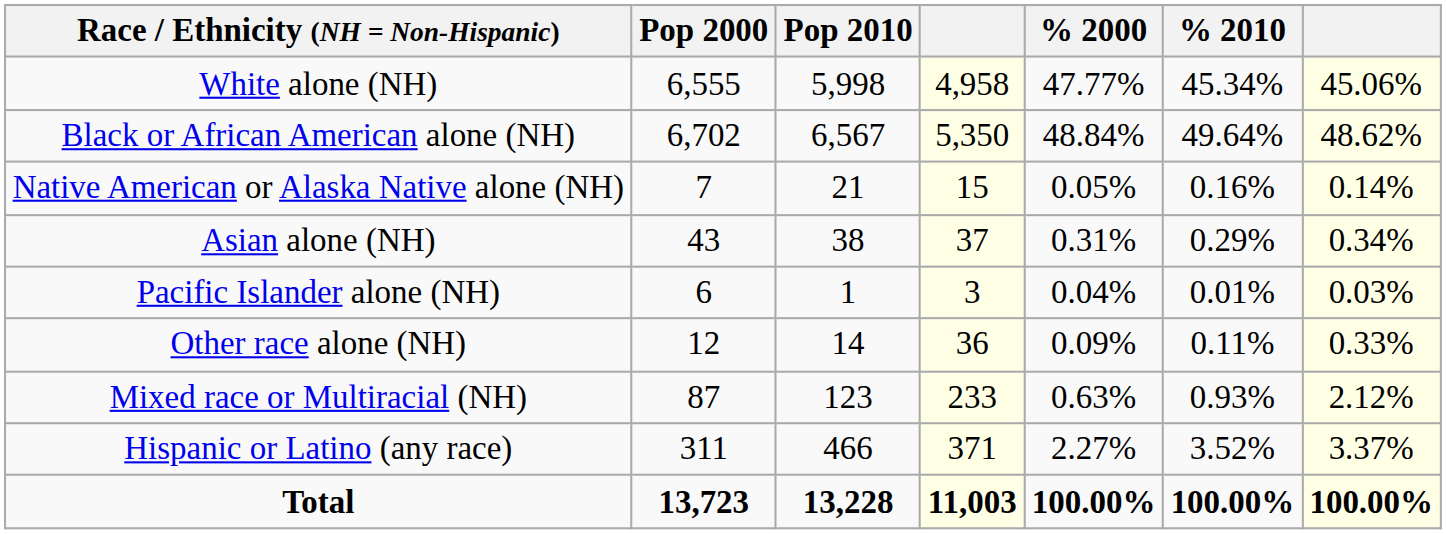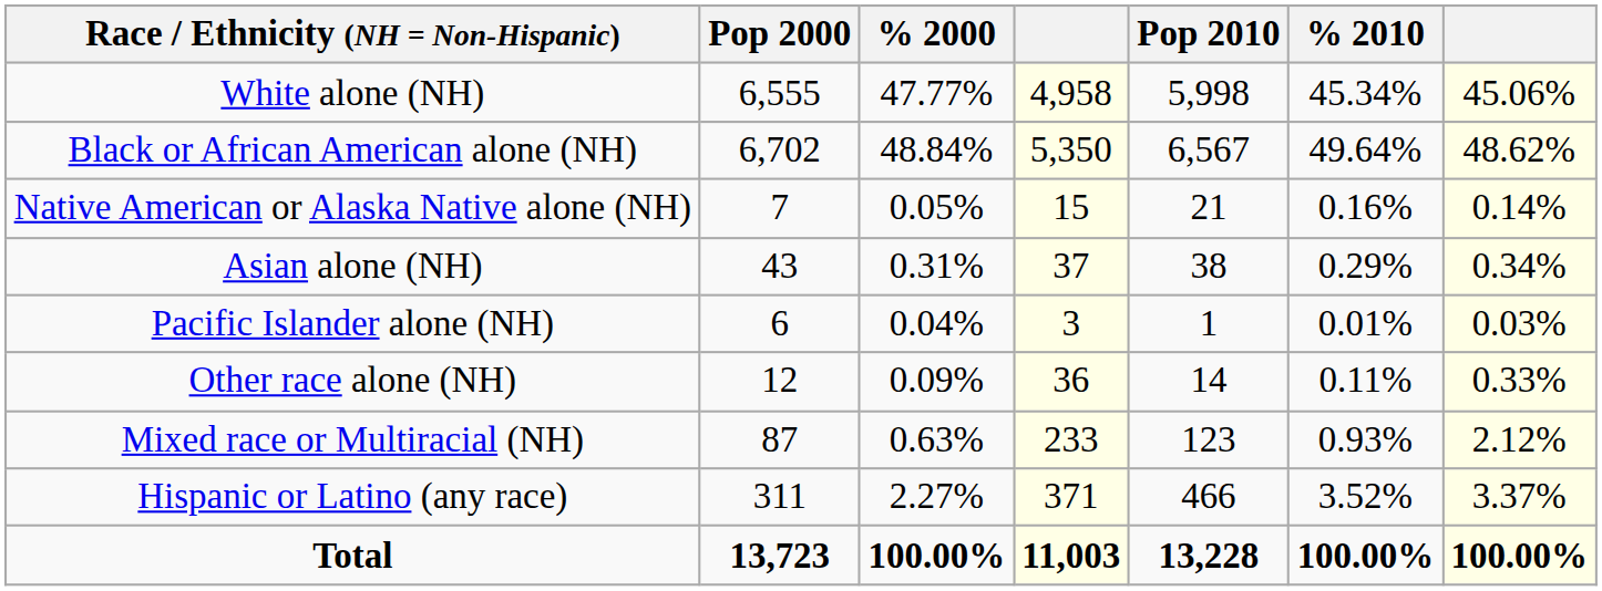 <table class="wikitable" style="text-align:center;">
 <tr>
 <th>Race / Ethnicity <small>(<em>NH = Non-Hispanic</em>)</small></th>
 <th>Pop 2000</th>
+<th>% 2000</th>
+<th></th>
 <th>Pop 2010</th>
-<th></th>
-<th>% 2000</th>
 <th>% 2010</th>
 <th></th>
 </tr>
 <tr>
 <td><a href='#'>White</a> alone (NH)</td>
 <td>6,555</td>
+<td>47.77%</td>
+<td style='background: #ffffe6;'>4,958</td>
 <td>5,998</td>
-<td style='background: #ffffe6;'>4,958</td>
-<td>47.77%</td>
 <td>45.34%</td>
 <td style='background: #ffffe6;'>45.06%</td>
 </tr>
 <tr>
 <td><a href='#'>Black or African American</a> alone (NH)</td>
 <td>6,702</td>
+<td>48.84%</td>
+<td style='background: #ffffe6;'>5,350</td>
 <td>6,567</td>
-<td style='background: #ffffe6;'>5,350</td>
-<td>48.84%</td>
 <td>49.64%</td>
 <td style='background: #ffffe6;'>48.62%</td>
 </tr>
 <tr>
 <td><a href='#'>Native American</a> or <a href='#'>Alaska Native</a> alone (NH)</td>
 <td>7</td>
+<td>0.05%</td>
+<td style='background: #ffffe6;'>15</td>
 <td>21</td>
-<td style='background: #ffffe6;'>15</td>
-<td>0.05%</td>
 <td>0.16%</td>
 <td style='background: #ffffe6;'>0.14%</td>
 </tr>
 <tr>
 <td><a href='#'>Asian</a> alone (NH)</td>
 <td>43</td>
+<td>0.31%</td>
+<td style='background: #ffffe6;'>37</td>
 <td>38</td>
-<td style='background: #ffffe6;'>37</td>
-<td>0.31%</td>
 <td>0.29%</td>
 <td style='background: #ffffe6;'>0.34%</td>
 </tr>
 <tr>
 <td><a href='#'>Pacific Islander</a> alone (NH)</td>
 <td>6</td>
+<td>0.04%</td>
+<td style='background: #ffffe6;'>3</td>
 <td>1</td>
-<td style='background: #ffffe6;'>3</td>
-<td>0.04%</td>
 <td>0.01%</td>
 <td style='background: #ffffe6;'>0.03%</td>
 </tr>
 <tr>
 <td><a href='#'>Other race</a> alone (NH)</td>
 <td>12</td>
+<td>0.09%</td>
+<td style='background: #ffffe6;'>36</td>
 <td>14</td>
-<td style='background: #ffffe6;'>36</td>
-<td>0.09%</td>
 <td>0.11%</td>
 <td style='background: #ffffe6;'>0.33%</td>
 </tr>
 <tr>
 <td><a href='#'>Mixed race or Multiracial</a> (NH)</td>
 <td>87</td>
+<td>0.63%</td>
+<td style='background: #ffffe6;'>233</td>
 <td>123</td>
-<td style='background: #ffffe6;'>233</td>
-<td>0.63%</td>
 <td>0.93%</td>
 <td style='background: #ffffe6;'>2.12%</td>
 </tr>
 <tr>
 <td><a href='#'>Hispanic or Latino</a> (any race)</td>
 <td>311</td>
+<td>2.27%</td>
+<td style='background: #ffffe6;'>371</td>
 <td>466</td>
-<td style='background: #ffffe6;'>371</td>
-<td>2.27%</td>
 <td>3.52%</td>
 <td style='background: #ffffe6;'>3.37%</td>
 </tr>
 <tr>
 <td><strong>Total</strong></td>
 <td><strong>13,723</strong></td>
+<td><strong>100.00%</strong></td>
+<td style='background: #ffffe6;'><strong>11,003</strong></td>
 <td><strong>13,228</strong></td>
-<td style='background: #ffffe6;'><strong>11,003</strong></td>
-<td><strong>100.00%</strong></td>
 <td><strong>100.00%</strong></td>
 <td style='background: #ffffe6;'><strong>100.00%</strong></td>
 </tr>
 </table>
